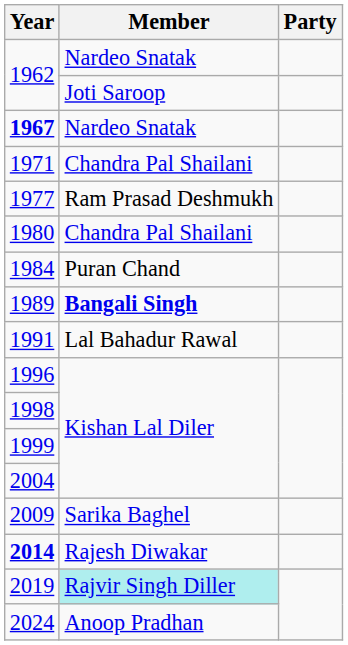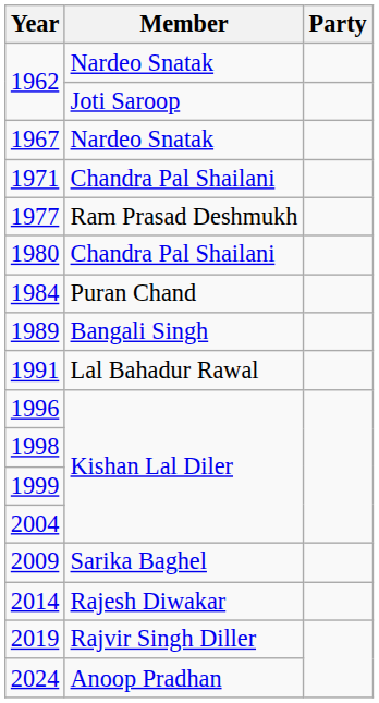 <table class="wikitable sortable">
 <tr>
 <th>Year</th>
 <th>Member</th>
 <th colspan="2">Party</th>
 </tr>
 <tr>
 <td rowspan="2"><a href='#'>1962</a></td>
 <td><a href='#'>Nardeo Snatak</a></td>
 <td></td>
 </tr>
 <tr>
 <td><a href='#'>Joti Saroop</a></td>
 <td></td>
 </tr>
 <tr>
-<td><strong><a href='#'>1967</a></strong></td>
+<td><a href='#'>1967</a></td>
 <td><a href='#'>Nardeo Snatak</a></td>
 <td></td>
 </tr>
 <tr>
 <td><a href='#'>1971</a></td>
 <td><a href='#'>Chandra Pal Shailani</a></td>
 </tr>
 <tr>
 <td><a href='#'>1977</a></td>
 <td>Ram Prasad Deshmukh</td>
 <td></td>
 </tr>
 <tr>
 <td><a href='#'>1980</a></td>
 <td><a href='#'>Chandra Pal Shailani</a></td>
 <td></td>
 </tr>
 <tr>
 <td><a href='#'>1984</a></td>
 <td>Puran Chand</td>
 <td></td>
 </tr>
 <tr>
 <td><a href='#'>1989</a></td>
-<td><strong><a href='#'>Bangali Singh</a></strong></td>
+<td><a href='#'>Bangali Singh</a></td>
 <td></td>
 </tr>
 <tr>
 <td><a href='#'>1991</a></td>
 <td>Lal Bahadur Rawal</td>
 <td></td>
 </tr>
 <tr>
 <td><a href='#'>1996</a></td>
 <td rowspan="4"><a href='#'>Kishan Lal Diler</a></td>
 </tr>
 <tr>
 <td><a href='#'>1998</a></td>
 </tr>
 <tr>
 <td><a href='#'>1999</a></td>
 </tr>
 <tr>
 <td><a href='#'>2004</a></td>
 </tr>
 <tr>
 <td><a href='#'>2009</a></td>
 <td><a href='#'>Sarika Baghel</a></td>
 <td></td>
 </tr>
 <tr>
-<td><strong><a href='#'>2014</a></strong></td>
+<td><a href='#'>2014</a></td>
 <td><a href='#'>Rajesh Diwakar</a></td>
 <td></td>
 </tr>
 <tr>
 <td><a href='#'>2019</a></td>
-<td style="background: paleturquoise;"><a href='#'>Rajvir Singh Diller</a></td>
+<td><a href='#'>Rajvir Singh Diller</a></td>
 </tr>
 <tr>
 <td><a href='#'>2024</a></td>
 <td><a href='#'>Anoop Pradhan</a></td>
 </tr>
 </table>
